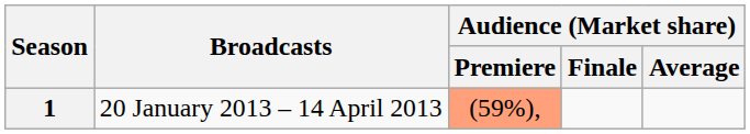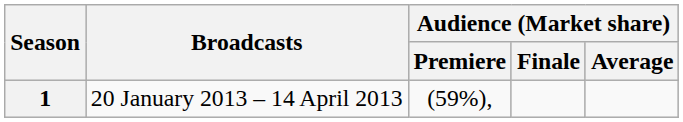 <table class="wikitable">
 <tr>
 <th rowspan=2>Season</th>
 <th rowspan=2>Broadcasts</th>
 <th colspan=3>Audience (Market share)</th>
 </tr>
 <tr>
 <th>Premiere</th>
 <th>Finale</th>
 <th>Average</th>
 </tr>
 <tr align=center>
 <th>1</th>
 <td>20 January 2013 – 14 April 2013</td>
-<td style="background: lightsalmon;"> (59%),</td>
+<td> (59%),</td>
 <td></td>
 <td></td>
 </tr>
 </table>
